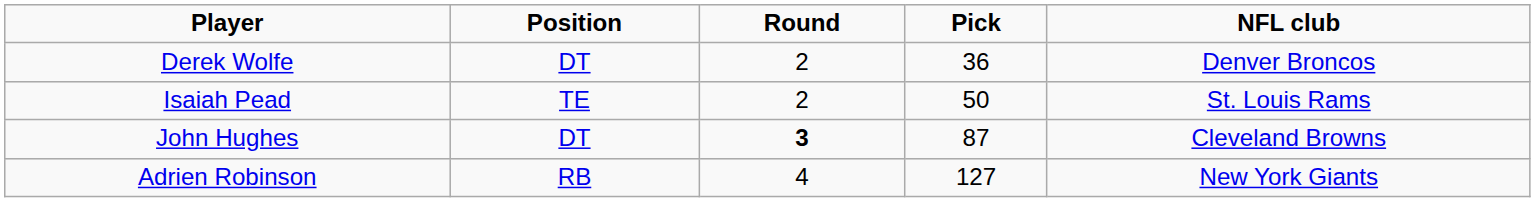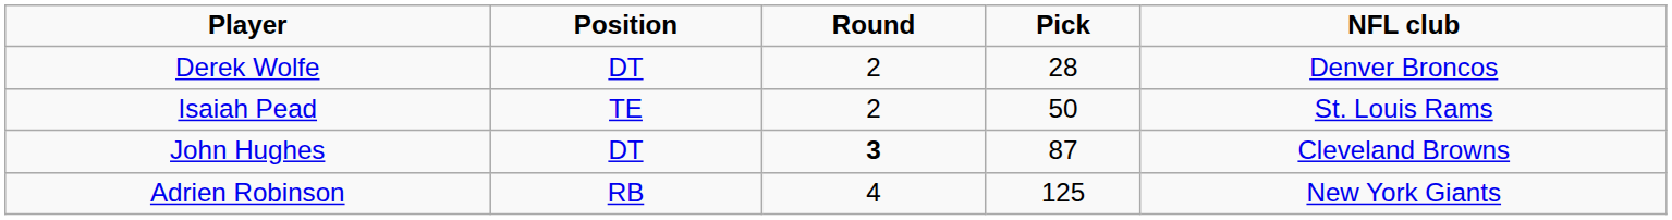 <table class="wikitable" width="80%">
 <tr align="center">
 <td><strong>Player</strong></td>
 <td><strong>Position</strong></td>
 <td><strong>Round</strong></td>
 <td><strong>Pick</strong></td>
 <td><strong>NFL club</strong></td>
 </tr>
 <tr align="center" bgcolor="">
 <td><a href='#'>Derek Wolfe</a></td>
 <td><a href='#'>DT</a></td>
 <td>2</td>
-<td>36</td>
+<td>28</td>
 <td><a href='#'>Denver Broncos</a></td>
 </tr>
 <tr align="center" bgcolor="">
 <td><a href='#'>Isaiah Pead</a></td>
 <td><a href='#'>TE</a></td>
 <td>2</td>
 <td>50</td>
 <td><a href='#'>St. Louis Rams</a></td>
 </tr>
 <tr align="center" bgcolor="">
 <td><a href='#'>John Hughes</a></td>
 <td><a href='#'>DT</a></td>
 <td><strong>3</strong></td>
 <td>87</td>
 <td><a href='#'>Cleveland Browns</a></td>
 </tr>
 <tr align="center" bgcolor="">
 <td><a href='#'>Adrien Robinson</a></td>
 <td><a href='#'>RB</a></td>
 <td>4</td>
-<td>127</td>
+<td>125</td>
 <td><a href='#'>New York Giants</a></td>
 </tr>
 </table>
